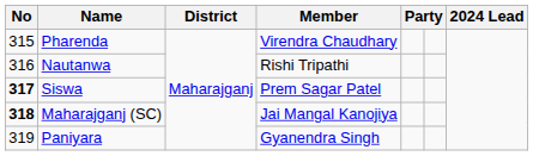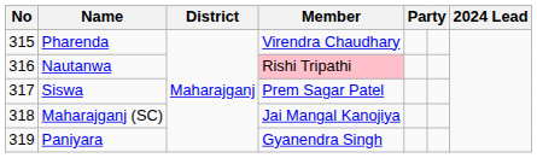 <table class="wikitable sortable">
 <tr>
 <th>No</th>
 <th>Name</th>
 <th>District</th>
 <th>Member</th>
 <th colspan="2">Party</th>
 <th colspan="2">2024 Lead</th>
 </tr>
 <tr>
 <td>315</td>
 <td><a href='#'>Pharenda</a></td>
 <td rowspan=5><a href='#'>Maharajganj</a></td>
 <td><a href='#'>Virendra Chaudhary</a></td>
 <td></td>
 <td></td>
 </tr>
 <tr>
 <td>316</td>
 <td><a href='#'>Nautanwa</a></td>
-<td>Rishi Tripathi</td>
+<td style="background: pink;">Rishi Tripathi</td>
 <td></td>
 <td></td>
 </tr>
 <tr>
-<td><strong>317</strong></td>
+<td>317</td>
 <td><a href='#'>Siswa</a></td>
 <td><a href='#'>Prem Sagar Patel</a></td>
 <td></td>
 <td></td>
 </tr>
 <tr>
-<td><strong>318</strong></td>
+<td>318</td>
 <td><a href='#'>Maharajganj</a> (SC)</td>
 <td><a href='#'>Jai Mangal Kanojiya</a></td>
 <td></td>
 <td></td>
 </tr>
 <tr>
 <td>319</td>
 <td><a href='#'>Paniyara</a></td>
 <td><a href='#'>Gyanendra Singh</a></td>
 <td></td>
 <td></td>
 </tr>
 </table>
